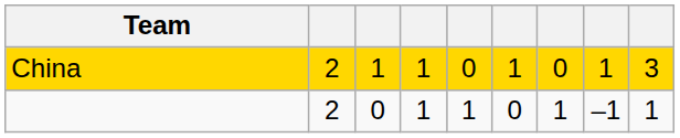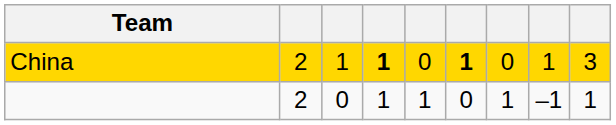 <table class=wikitable style="text-align:center">
 <tr>
 <th width="175">Team</th>
 <th width="20"></th>
 <th width="20"></th>
 <th width="20"></th>
 <th width="20"></th>
 <th width="20"></th>
 <th width="20"></th>
 <th width="20"></th>
 <th width="20"></th>
 </tr>
 <tr bgcolor=gold>
 <td align=left> China</td>
 <td>2</td>
 <td>1</td>
-<td>1</td>
+<td><strong>1</strong></td>
 <td>0</td>
-<td>1</td>
+<td><strong>1</strong></td>
 <td>0</td>
 <td>1</td>
 <td>3</td>
 </tr>
 <tr>
 <td align=left></td>
 <td>2</td>
 <td>0</td>
 <td>1</td>
 <td>1</td>
 <td>0</td>
 <td>1</td>
 <td>–1</td>
 <td>1</td>
 </tr>
 </table>
